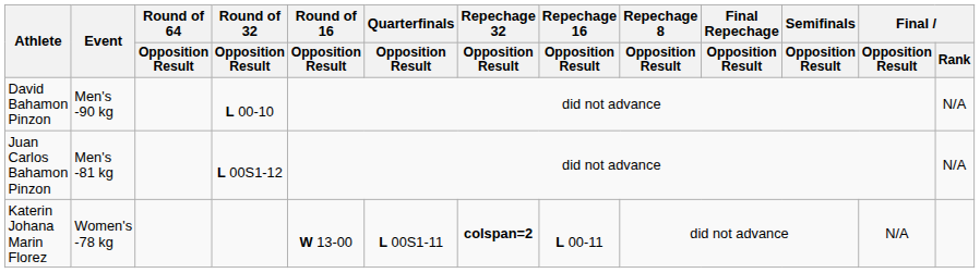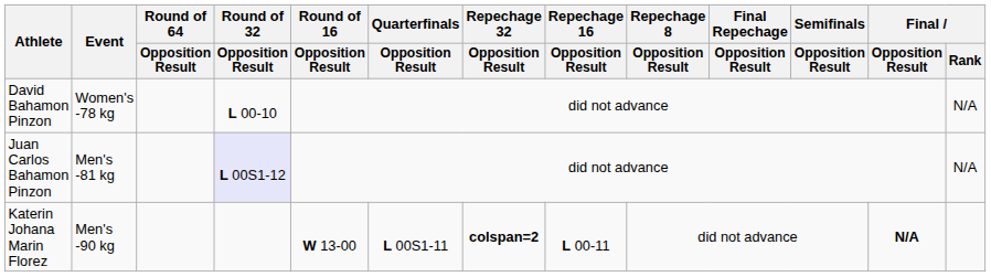 <table class="wikitable" style="font-size:90%">
 <tr>
 <th rowspan="2">Athlete</th>
 <th rowspan="2">Event</th>
 <th>Round of 64</th>
 <th>Round of 32</th>
 <th>Round of 16</th>
 <th>Quarterfinals</th>
 <th>Repechage 32</th>
 <th>Repechage 16</th>
 <th>Repechage 8</th>
 <th>Final Repechage</th>
 <th>Semifinals</th>
 <th colspan=2>Final / </th>
 </tr>
 <tr style="font-size:95%">
 <th>Opposition<br>Result</th>
 <th>Opposition<br>Result</th>
 <th>Opposition<br>Result</th>
 <th>Opposition<br>Result</th>
 <th>Opposition<br>Result</th>
 <th>Opposition<br>Result</th>
 <th>Opposition<br>Result</th>
 <th>Opposition<br>Result</th>
 <th>Opposition<br>Result</th>
 <th>Opposition<br>Result</th>
 <th>Rank</th>
 </tr>
 <tr align=center>
 <td align=left>David Bahamon Pinzon</td>
-<td align=left>Men's -90 kg</td>
+<td align=left>Women's -78 kg</td>
 <td></td>
 <td><br><strong>L</strong> 00-10</td>
 <td colspan=8>did not advance</td>
 <td>N/A</td>
 </tr>
 <tr align=center>
 <td align=left>Juan Carlos Bahamon Pinzon</td>
 <td align=left>Men's -81 kg</td>
 <td></td>
-<td><br><strong>L</strong> 00S1-12</td>
+<td style="background: lavender;"><br><strong>L</strong> 00S1-12</td>
 <td colspan=8>did not advance</td>
 <td>N/A</td>
 </tr>
 <tr align=center>
 <td align=left>Katerin Johana Marin Florez</td>
-<td align=left>Women's -78 kg</td>
+<td align=left>Men's -90 kg</td>
 <td></td>
 <td></td>
 <td><br><strong>W</strong> 13-00</td>
 <td><br><strong>L</strong> 00S1-11</td>
 <td><strong>colspan=2 </strong></td>
 <td><br><strong>L</strong> 00-11</td>
 <td colspan=3>did not advance</td>
-<td>N/A</td>
+<td><strong>N/A</strong></td>
 </tr>
 </table>
